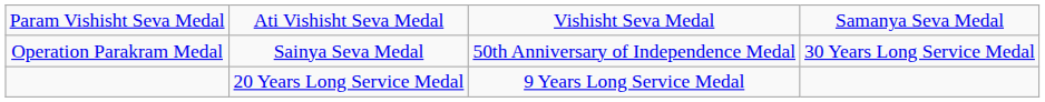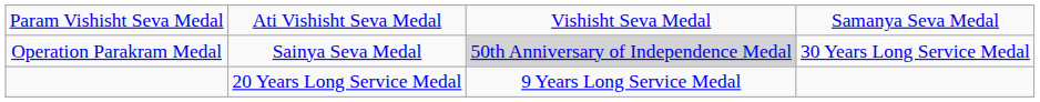 <table class="wikitable" style="margin:1em auto; text-align:center;">
 <tr>
 <td><a href='#'>Param Vishisht Seva Medal</a></td>
 <td><a href='#'>Ati Vishisht Seva Medal</a></td>
 <td><a href='#'>Vishisht Seva Medal</a></td>
 <td><a href='#'>Samanya Seva Medal</a></td>
 </tr>
 <tr>
 <td><a href='#'>Operation Parakram Medal</a></td>
 <td><a href='#'>Sainya Seva Medal</a></td>
-<td><a href='#'>50th Anniversary of Independence Medal</a></td>
+<td style="background: lightgrey;"><a href='#'>50th Anniversary of Independence Medal</a></td>
 <td><a href='#'>30 Years Long Service Medal</a></td>
 </tr>
 <tr>
 <td></td>
 <td><a href='#'>20 Years Long Service Medal</a></td>
 <td><a href='#'>9 Years Long Service Medal</a></td>
 <td></td>
 </tr>
 </table>
